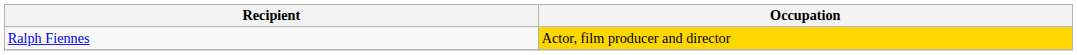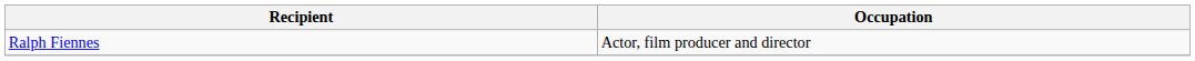 <table class="wikitable" width="95%" cellpadding="5">
 <tr>
 <th width="25%">Recipient</th>
 <th width="25%">Occupation</th>
 </tr>
 <tr>
 <td><a href='#'>Ralph Fiennes</a></td>
-<td style="background: gold;">Actor, film producer and director</td>
+<td>Actor, film producer and director</td>
 </tr>
 <tr>
 </tr>
 </table>
